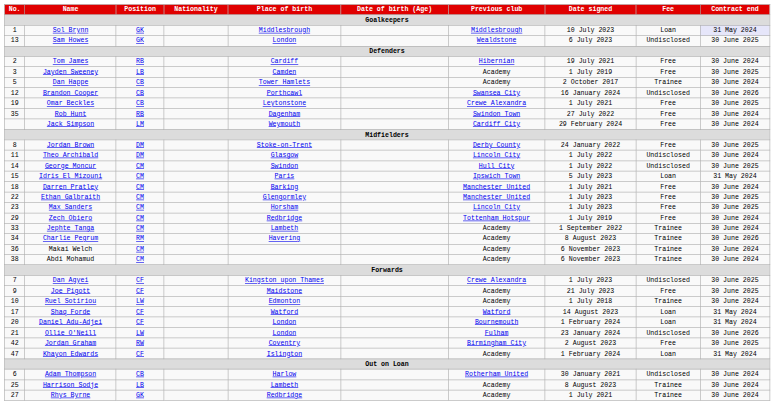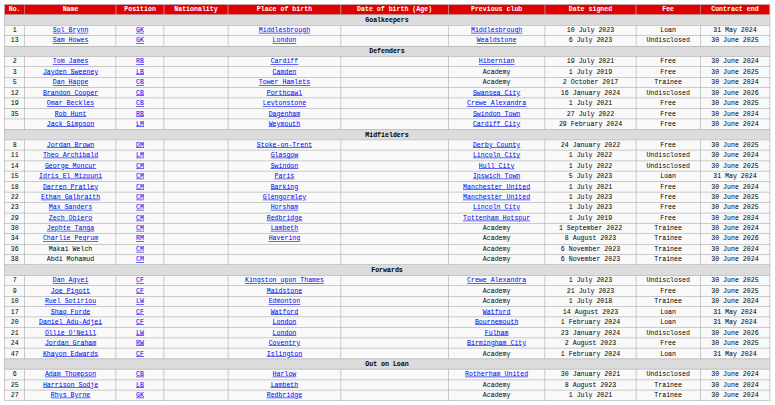 <table class="wikitable" style="text-align:center; font-size:84.5%; width:101%;">
 <tr>
 <th style="background:#E00000;color:white; text-align:center;">No.</th>
 <th style="background:#E00000;color:white; text-align:center;">Name</th>
 <th style="background:#E00000;color:white; text-align:center;">Position</th>
 <th style="background:#E00000;color:white; text-align:center;">Nationality</th>
 <th style="background:#E00000;color:white; text-align:center;">Place of birth</th>
 <th style="background:#E00000;color:white; text-align:center;">Date of birth (Age)</th>
 <th style="background:#E00000;color:white; text-align:center;">Previous club</th>
 <th style="background:#E00000;color:white; text-align:center;">Date signed</th>
 <th style="background:#E00000;color:white; text-align:center;">Fee</th>
 <th style="background:#E00000;color:white; text-align:center;">Contract end</th>
 </tr>
 <tr>
 <th colspan="14" style="background:#dcdcdc; tepxt-align:center;">Goalkeepers</th>
 </tr>
 <tr>
 <td>1</td>
 <td><a href='#'>Sol Brynn</a></td>
 <td><a href='#'>GK</a></td>
 <td></td>
 <td><a href='#'>Middlesbrough</a></td>
 <td></td>
 <td><a href='#'>Middlesbrough</a></td>
 <td>10 July 2023</td>
 <td>Loan</td>
-<td style="background: lavender;">31 May 2024</td>
+<td>31 May 2024</td>
 </tr>
 <tr>
 <td>13</td>
 <td><a href='#'>Sam Howes</a></td>
 <td><a href='#'>GK</a></td>
 <td></td>
 <td><a href='#'>London</a></td>
 <td></td>
 <td><a href='#'>Wealdstone</a></td>
 <td>6 July 2023</td>
 <td>Undisclosed</td>
 <td>30 June 2025</td>
 </tr>
 <tr>
 <th colspan="14" style="background:#dcdcdc; tepxt-align:center;">Defenders</th>
 </tr>
 <tr>
 <td>2</td>
 <td><a href='#'>Tom James</a></td>
 <td><a href='#'>RB</a></td>
 <td></td>
 <td><a href='#'>Cardiff</a></td>
 <td></td>
 <td> <a href='#'>Hibernian</a></td>
 <td>19 July 2021</td>
 <td>Free</td>
 <td>30 June 2024</td>
 </tr>
 <tr>
 <td>3</td>
 <td><a href='#'>Jayden Sweeney</a></td>
 <td><a href='#'>LB</a></td>
 <td></td>
 <td><a href='#'>Camden</a></td>
 <td></td>
 <td>Academy</td>
 <td>1 July 2019</td>
 <td>Free</td>
 <td>30 June 2025</td>
 </tr>
 <tr>
 <td>5</td>
 <td><a href='#'>Dan Happe</a></td>
 <td><a href='#'>CB</a></td>
 <td></td>
 <td><a href='#'>Tower Hamlets</a></td>
 <td></td>
 <td>Academy</td>
 <td>2 October 2017</td>
 <td>Trainee</td>
 <td>30 June 2024</td>
 </tr>
 <tr>
 <td>12</td>
 <td><a href='#'>Brandon Cooper</a></td>
 <td><a href='#'>CB</a></td>
 <td></td>
 <td><a href='#'>Porthcawl</a></td>
 <td></td>
 <td> <a href='#'>Swansea City</a></td>
 <td>16 January 2024</td>
 <td>Undisclosed</td>
 <td>30 June 2026</td>
 </tr>
 <tr>
 <td>19</td>
 <td><a href='#'>Omar Beckles</a></td>
 <td><a href='#'>CB</a></td>
 <td></td>
 <td> <a href='#'>Leytonstone</a></td>
 <td></td>
 <td><a href='#'>Crewe Alexandra</a></td>
 <td>1 July 2021</td>
 <td>Free</td>
 <td>30 June 2025</td>
 </tr>
 <tr>
 <td>35</td>
 <td><a href='#'>Rob Hunt</a></td>
 <td><a href='#'>RB</a></td>
 <td></td>
 <td><a href='#'>Dagenham</a></td>
 <td></td>
 <td><a href='#'>Swindon Town</a></td>
 <td>27 July 2022</td>
 <td>Free</td>
 <td>30 June 2024</td>
 </tr>
 <tr>
 <td></td>
 <td><a href='#'>Jack Simpson</a></td>
 <td><a href='#'>LM</a></td>
 <td></td>
 <td><a href='#'>Weymouth</a></td>
 <td></td>
 <td> <a href='#'>Cardiff City</a></td>
 <td>29 February 2024</td>
 <td>Free</td>
 <td>30 June 2024</td>
 </tr>
 <tr>
 <th colspan="14" style="background:#dcdcdc; tepxt-align:center;">Midfielders</th>
 </tr>
 <tr>
 <td>8</td>
 <td><a href='#'>Jordan Brown</a></td>
 <td><a href='#'>DM</a></td>
 <td></td>
 <td><a href='#'>Stoke-on-Trent</a></td>
 <td></td>
 <td><a href='#'>Derby County</a></td>
 <td>24 January 2022</td>
 <td>Free</td>
 <td>30 June 2025</td>
 </tr>
 <tr>
 <td>11</td>
 <td><a href='#'>Theo Archibald</a></td>
-<td><a href='#'>DM</a></td>
+<td><a href='#'>LM</a></td>
 <td></td>
 <td><a href='#'>Glasgow</a></td>
 <td></td>
 <td><a href='#'>Lincoln City</a></td>
 <td>1 July 2022</td>
 <td>Undisclosed</td>
 <td>30 June 2024</td>
 </tr>
 <tr>
 <td>14</td>
 <td><a href='#'>George Moncur</a></td>
 <td><a href='#'>CM</a></td>
 <td></td>
 <td><a href='#'>Swindon</a></td>
 <td></td>
 <td><a href='#'>Hull City</a></td>
 <td>1 July 2022</td>
 <td>Undisclosed</td>
 <td>30 June 2025</td>
 </tr>
 <tr>
 <td>15</td>
 <td><a href='#'>Idris El Mizouni</a></td>
 <td><a href='#'>CM</a></td>
 <td></td>
 <td> <a href='#'>Paris</a></td>
 <td></td>
 <td><a href='#'>Ipswich Town</a></td>
 <td>5 July 2023</td>
 <td>Loan</td>
 <td>31 May 2024</td>
 </tr>
 <tr>
 <td>18</td>
 <td><a href='#'>Darren Pratley</a></td>
 <td><a href='#'>CM</a></td>
 <td></td>
 <td><a href='#'>Barking</a></td>
 <td></td>
 <td><a href='#'>Manchester United</a></td>
 <td>1 July 2021</td>
 <td>Free</td>
 <td>30 June 2024</td>
 </tr>
 <tr>
 <td>22</td>
 <td><a href='#'>Ethan Galbraith</a></td>
 <td><a href='#'>CM</a></td>
 <td></td>
 <td><a href='#'>Glengormley</a></td>
 <td></td>
 <td><a href='#'>Manchester United</a></td>
 <td>1 July 2023</td>
 <td>Free</td>
 <td>30 June 2025</td>
 </tr>
 <tr>
 <td>23</td>
 <td><a href='#'>Max Sanders</a></td>
 <td><a href='#'>CM</a></td>
 <td></td>
 <td><a href='#'>Horsham</a></td>
 <td></td>
 <td><a href='#'>Lincoln City</a></td>
 <td>1 July 2023</td>
 <td>Free</td>
 <td>30 June 2025</td>
 </tr>
 <tr>
 <td>29</td>
 <td><a href='#'>Zech Obiero</a></td>
 <td><a href='#'>CM</a></td>
 <td></td>
 <td> <a href='#'>Redbridge</a></td>
 <td></td>
 <td><a href='#'>Tottenham Hotspur</a></td>
 <td>1 July 2019</td>
 <td>Free</td>
 <td>30 June 2024</td>
 </tr>
 <tr>
-<td>33</td>
+<td>30</td>
 <td><a href='#'>Jephte Tanga</a></td>
 <td><a href='#'>CM</a></td>
 <td></td>
 <td><a href='#'>Lambeth</a></td>
 <td></td>
 <td>Academy</td>
 <td>1 September 2022</td>
 <td>Trainee</td>
 <td>30 June 2024</td>
 </tr>
 <tr>
 <td>34</td>
 <td><a href='#'>Charlie Pegrum</a></td>
 <td><a href='#'>RM</a></td>
 <td></td>
 <td><a href='#'>Havering</a></td>
 <td></td>
 <td>Academy</td>
 <td>8 August 2023</td>
 <td>Trainee</td>
 <td>30 June 2026</td>
 </tr>
 <tr>
 <td>36</td>
 <td>Makai Welch</td>
 <td><a href='#'>CM</a></td>
 <td></td>
 <td></td>
 <td></td>
 <td>Academy</td>
 <td>6 November 2023</td>
 <td>Trainee</td>
 <td>30 June 2024</td>
 </tr>
 <tr>
 <td>38</td>
 <td>Abdi Mohamud</td>
 <td><a href='#'>CM</a></td>
 <td></td>
 <td></td>
 <td></td>
 <td>Academy</td>
 <td>6 November 2023</td>
 <td>Trainee</td>
 <td>30 June 2024</td>
 </tr>
 <tr>
 <th colspan="14" style="background:#dcdcdc; tepxt-align:center;">Forwards</th>
 </tr>
 <tr>
 <td>7</td>
 <td><a href='#'>Dan Agyei</a></td>
 <td><a href='#'>CF</a></td>
 <td></td>
 <td><a href='#'>Kingston upon Thames</a></td>
 <td></td>
 <td><a href='#'>Crewe Alexandra</a></td>
 <td>1 July 2023</td>
 <td>Undisclosed</td>
 <td>30 June 2025</td>
 </tr>
 <tr>
 <td>9</td>
 <td><a href='#'>Joe Pigott</a></td>
 <td><a href='#'>CF</a></td>
 <td></td>
 <td><a href='#'>Maidstone</a></td>
 <td></td>
 <td>Academy</td>
 <td>21 July 2023</td>
 <td>Free</td>
 <td>30 June 2025</td>
 </tr>
 <tr>
 <td>10</td>
 <td><a href='#'>Ruel Sotiriou</a></td>
 <td><a href='#'>LW</a></td>
 <td></td>
 <td> <a href='#'>Edmonton</a></td>
 <td></td>
 <td>Academy</td>
 <td>1 July 2018</td>
 <td>Trainee</td>
 <td>30 June 2024</td>
 </tr>
 <tr>
 <td>17</td>
 <td><a href='#'>Shaq Forde</a></td>
 <td><a href='#'>CF</a></td>
 <td></td>
 <td><a href='#'>Watford</a></td>
 <td></td>
 <td><a href='#'>Watford</a></td>
 <td>14 August 2023</td>
 <td>Loan</td>
 <td>31 May 2024</td>
 </tr>
 <tr>
 <td>20</td>
 <td><a href='#'>Daniel Adu-Adjei</a></td>
 <td><a href='#'>CF</a></td>
 <td></td>
 <td><a href='#'>London</a></td>
 <td></td>
 <td><a href='#'>Bournemouth</a></td>
 <td>1 February 2024</td>
 <td>Loan</td>
 <td>31 May 2024</td>
 </tr>
 <tr>
 <td>21</td>
 <td><a href='#'>Ollie O'Neill</a></td>
 <td><a href='#'>LW</a></td>
 <td></td>
 <td> <a href='#'>London</a></td>
 <td></td>
 <td><a href='#'>Fulham</a></td>
 <td>23 January 2024</td>
 <td>Undisclosed</td>
 <td>30 June 2026</td>
 </tr>
 <tr>
-<td>42</td>
+<td>24</td>
 <td><a href='#'>Jordan Graham</a></td>
 <td><a href='#'>RW</a></td>
 <td></td>
 <td><a href='#'>Coventry</a></td>
 <td></td>
 <td><a href='#'>Birmingham City</a></td>
 <td>2 August 2023</td>
 <td>Free</td>
 <td>30 June 2025</td>
 </tr>
 <tr>
 <td>47</td>
 <td><a href='#'>Khayon Edwards</a></td>
 <td><a href='#'>CF</a></td>
 <td></td>
 <td><a href='#'>Islington</a></td>
 <td></td>
 <td>Academy</td>
 <td>1 February 2024</td>
 <td>Loan</td>
 <td>31 May 2024</td>
 </tr>
 <tr>
 <th colspan="14" style="background:#dcdcdc; tepxt-align:center;">Out on Loan</th>
 </tr>
 <tr>
 <td>6</td>
 <td><a href='#'>Adam Thompson</a></td>
 <td><a href='#'>CB</a></td>
 <td></td>
 <td> <a href='#'>Harlow</a></td>
 <td></td>
 <td><a href='#'>Rotherham United</a></td>
 <td>30 January 2021</td>
 <td>Undisclosed</td>
 <td>30 June 2024</td>
 </tr>
 <tr>
 <td>25</td>
 <td><a href='#'>Harrison Sodje</a></td>
 <td><a href='#'>LB</a></td>
 <td></td>
 <td><a href='#'>Lambeth</a></td>
 <td></td>
 <td>Academy</td>
 <td>8 August 2023</td>
 <td>Trainee</td>
 <td>30 June 2024</td>
 </tr>
 <tr>
 <td>27</td>
 <td><a href='#'>Rhys Byrne</a></td>
 <td><a href='#'>GK</a></td>
 <td></td>
 <td><a href='#'>Redbridge</a></td>
 <td></td>
 <td>Academy</td>
 <td>1 July 2021</td>
 <td>Trainee</td>
 <td>30 June 2024</td>
 </tr>
 </table>
